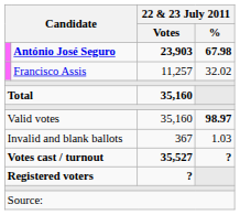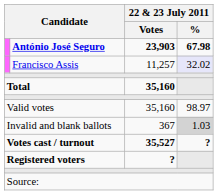 <table class="wikitable" style="text-align:right; font-size:97%;">
 <tr>
 <th colspan="2" rowspan="2" width="170">Candidate</th>
 <th colspan="2">22 & 23 July 2011</th>
 </tr>
 <tr>
 <th width="70">Votes</th>
 <th width="45">%</th>
 </tr>
 <tr>
 <td style="color:inherit;background:#ff66ff"></td>
 <td align="left"><strong><a href='#'>António José Seguro</a></strong></td>
 <td><strong>23,903</strong></td>
 <td><strong>67.98</strong></td>
 </tr>
 <tr>
 <td width="1" style="color:inherit;background:#ff66ff"></td>
 <td align="left"><a href='#'>Francisco Assis</a></td>
 <td>11,257</td>
-<td>32.02</td>
+<td style="background: lavender;">32.02</td>
 </tr>
 <tr>
 <td colspan="4" bgcolor="#E9E9E9"></td>
 </tr>
 <tr style="font-weight:bold;">
 <td align="left" colspan="2">Total</td>
 <td>35,160</td>
 <td bgcolor="#E9E9E9"></td>
 </tr>
 <tr>
 <td colspan="4" bgcolor="#E9E9E9"></td>
 </tr>
 <tr>
 <td align="left" colspan="2">Valid votes</td>
 <td>35,160</td>
-<td><strong>98.97</strong></td>
+<td>98.97</td>
 </tr>
 <tr>
 <td align="left" colspan="2">Invalid and blank ballots</td>
 <td>367</td>
-<td>1.03</td>
+<td style="background: lightgrey;">1.03</td>
 </tr>
 <tr style="font-weight:bold;">
 <td align="left" colspan="2">Votes cast / turnout</td>
 <td>35,527</td>
 <td>?</td>
 </tr>
 <tr style="font-weight:bold;">
 <td align="left" colspan="2">Registered voters</td>
 <td>?</td>
 <td bgcolor="#E9E9E9"></td>
 </tr>
 <tr>
 <td colspan="4" bgcolor="#E9E9E9"></td>
 </tr>
 <tr>
 <td align="left" colspan="6">Source:</td>
 </tr>
 </table>
